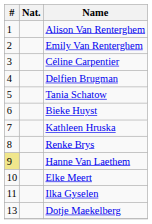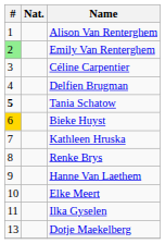 <table class="wikitable">
 <tr>
 <th>#</th>
 <th>Nat.</th>
 <th>Name</th>
 </tr>
 <tr>
 <td>1</td>
 <td></td>
 <td><a href='#'>Alison Van Renterghem</a></td>
 </tr>
 <tr>
-<td>2</td>
+<td style="background: lightgreen;">2</td>
 <td></td>
 <td><a href='#'>Emily Van Renterghem</a></td>
 </tr>
 <tr>
 <td>3</td>
 <td></td>
 <td><a href='#'>Céline Carpentier</a></td>
 </tr>
 <tr>
 <td>4</td>
 <td></td>
 <td><a href='#'>Delfien Brugman</a></td>
 </tr>
 <tr>
-<td>5</td>
+<td><strong>5</strong></td>
 <td></td>
 <td><a href='#'>Tania Schatow</a></td>
 </tr>
 <tr>
-<td>6</td>
+<td style="background: gold;">6</td>
 <td></td>
 <td><a href='#'>Bieke Huyst</a></td>
 </tr>
 <tr>
 <td>7</td>
 <td></td>
 <td><a href='#'>Kathleen Hruska</a></td>
 </tr>
 <tr>
 <td>8</td>
 <td></td>
 <td><a href='#'>Renke Brys</a></td>
 </tr>
 <tr>
-<td style="background: khaki;">9</td>
+<td>9</td>
 <td></td>
 <td><a href='#'>Hanne Van Laethem</a></td>
 </tr>
 <tr>
 <td>10</td>
 <td></td>
 <td><a href='#'>Elke Meert</a></td>
 </tr>
 <tr>
 <td>11</td>
 <td></td>
 <td><a href='#'>Ilka Gyselen</a></td>
 </tr>
 <tr>
 <td>13</td>
 <td></td>
 <td><a href='#'>Dotje Maekelberg</a></td>
 </tr>
 <tr>
 </tr>
 </table>
